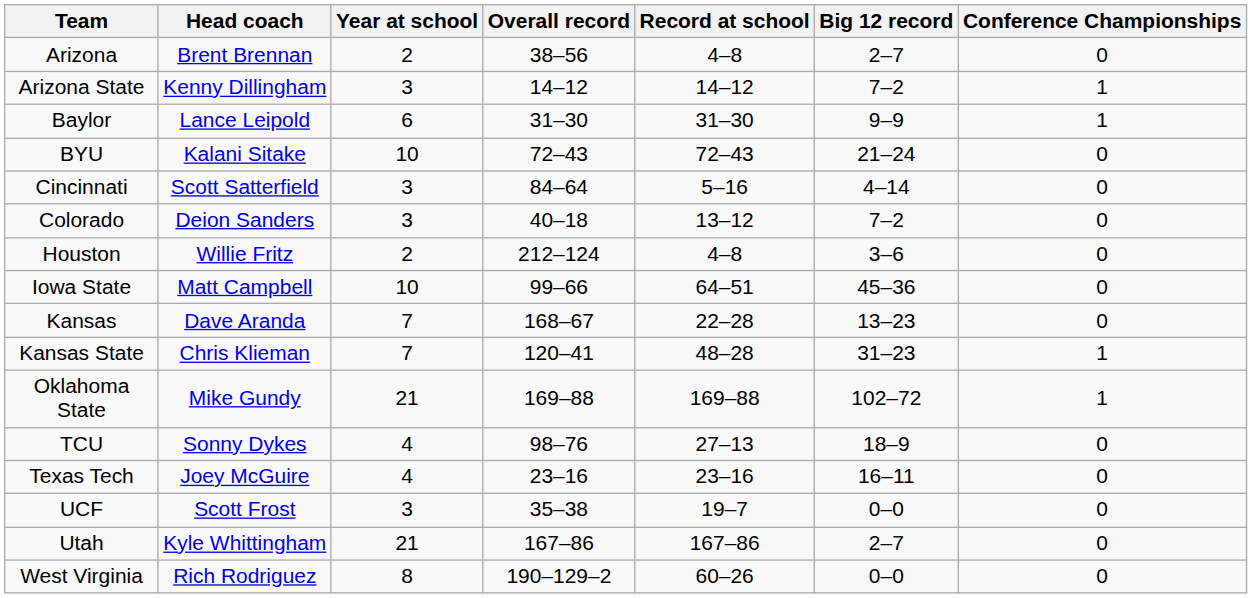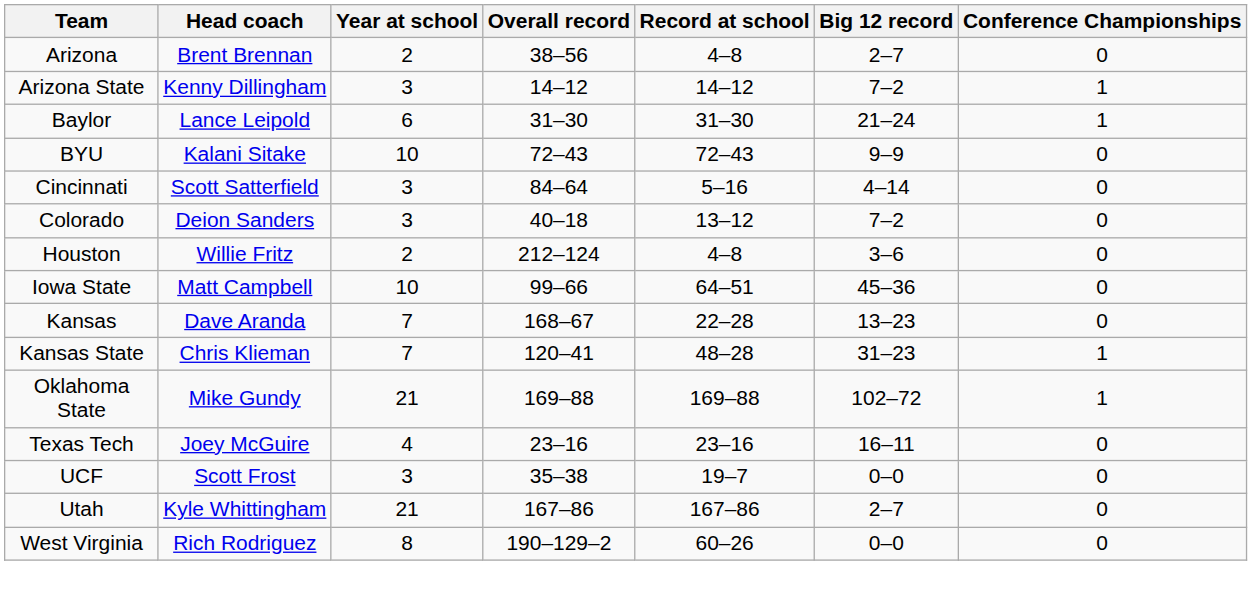 <table class="wikitable sortable" style="text-align: center;">
 <tr>
 <th style="width:110px;">Team</th>
 <th>Head coach</th>
 <th>Year at school</th>
 <th>Overall record</th>
 <th>Record at school</th>
 <th>Big 12 record</th>
 <th>Conference Championships</th>
 </tr>
 <tr>
 <td>Arizona</td>
 <td><a href='#'>Brent Brennan</a></td>
 <td>2</td>
 <td>38–56</td>
 <td>4–8</td>
 <td>2–7</td>
 <td>0</td>
 </tr>
 <tr>
 <td>Arizona State</td>
 <td><a href='#'>Kenny Dillingham</a></td>
 <td>3</td>
 <td>14–12</td>
 <td>14–12</td>
 <td>7–2</td>
 <td>1</td>
 </tr>
 <tr>
 <td>Baylor</td>
 <td><a href='#'>Lance Leipold</a></td>
 <td>6</td>
 <td>31–30</td>
 <td>31–30</td>
-<td>9–9</td>
+<td>21–24</td>
 <td>1</td>
 </tr>
 <tr>
 <td>BYU</td>
 <td><a href='#'>Kalani Sitake</a></td>
 <td>10</td>
 <td>72–43</td>
 <td>72–43</td>
-<td>21–24</td>
+<td>9–9</td>
 <td>0</td>
 </tr>
 <tr>
 <td>Cincinnati</td>
 <td><a href='#'>Scott Satterfield</a></td>
 <td>3</td>
 <td>84–64</td>
 <td>5–16</td>
 <td>4–14</td>
 <td>0</td>
 </tr>
 <tr>
 <td>Colorado</td>
 <td><a href='#'>Deion Sanders</a></td>
 <td>3</td>
 <td>40–18</td>
 <td>13–12</td>
 <td>7–2</td>
 <td>0</td>
 </tr>
 <tr>
 <td>Houston</td>
 <td><a href='#'>Willie Fritz</a></td>
 <td>2</td>
 <td>212–124</td>
 <td>4–8</td>
 <td>3–6</td>
 <td>0</td>
 </tr>
 <tr>
 <td>Iowa State</td>
 <td><a href='#'>Matt Campbell</a></td>
 <td>10</td>
 <td>99–66</td>
 <td>64–51</td>
 <td>45–36</td>
 <td>0</td>
 </tr>
 <tr>
 <td>Kansas</td>
 <td><a href='#'>Dave Aranda</a></td>
 <td>7</td>
 <td>168–67</td>
 <td>22–28</td>
 <td>13–23</td>
 <td>0</td>
 </tr>
 <tr>
 <td>Kansas State</td>
 <td><a href='#'>Chris Klieman</a></td>
 <td>7</td>
 <td>120–41</td>
 <td>48–28</td>
 <td>31–23</td>
 <td>1</td>
 </tr>
 <tr>
 <td>Oklahoma State</td>
 <td><a href='#'>Mike Gundy</a></td>
 <td>21</td>
 <td>169–88</td>
 <td>169–88</td>
 <td>102–72</td>
 <td>1</td>
 </tr>
 <tr>
-<td>TCU</td>
-<td><a href='#'>Sonny Dykes</a></td>
-<td>4</td>
-<td>98–76</td>
-<td>27–13</td>
-<td>18–9</td>
-<td>0</td>
-</tr>
-<tr>
 <td>Texas Tech</td>
 <td><a href='#'>Joey McGuire</a></td>
 <td>4</td>
 <td>23–16</td>
 <td>23–16</td>
 <td>16–11</td>
 <td>0</td>
 </tr>
 <tr>
 <td>UCF</td>
 <td><a href='#'>Scott Frost</a></td>
 <td>3</td>
 <td>35–38</td>
 <td>19–7</td>
 <td>0–0</td>
 <td>0</td>
 </tr>
 <tr>
 <td>Utah</td>
 <td><a href='#'>Kyle Whittingham</a></td>
 <td>21</td>
 <td>167–86</td>
 <td>167–86</td>
 <td>2–7</td>
 <td>0</td>
 </tr>
 <tr>
 <td>West Virginia</td>
 <td><a href='#'>Rich Rodriguez</a></td>
 <td>8</td>
 <td>190–129–2</td>
 <td>60–26</td>
 <td>0–0</td>
 <td>0</td>
 </tr>
 </table>
